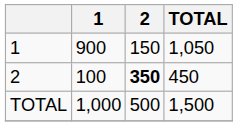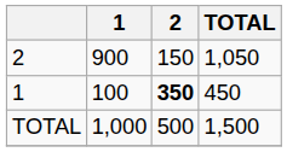 <table class="wikitable" style="margin:1em auto;">
 <tr>
 <th></th>
 <th>1</th>
 <th>2</th>
 <th>TOTAL</th>
 </tr>
 <tr>
-<td>1</td>
+<td>2</td>
 <td>900</td>
 <td>150</td>
 <td>1,050</td>
 </tr>
 <tr>
-<td>2</td>
+<td>1</td>
 <td>100</td>
 <td><strong>350</strong></td>
 <td>450</td>
 </tr>
 <tr>
 <td>TOTAL</td>
 <td>1,000</td>
 <td>500</td>
 <td>1,500</td>
 </tr>
 <tr>
 </tr>
 </table>
